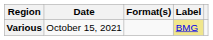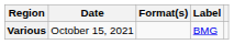 <table class="wikitable plainrowheaders">
 <tr>
 <th scope="col">Region</th>
 <th scope="col">Date</th>
 <th scope="col">Format(s)</th>
 <th scope="col">Label</th>
 <th scope="col"></th>
 </tr>
 <tr>
 <th scope="row">Various</th>
 <td rowspan="2">October 15, 2021</td>
 <td></td>
-<td style="background: khaki;"><a href='#'>BMG</a></td>
+<td><a href='#'>BMG</a></td>
 <td style="text-align:center;"></td>
 </tr>
 </table>
